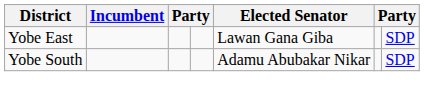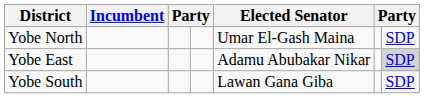 <table class="sortable wikitable" style="font-size:95%;line-height:14px;">
 <tr>
 <th class="unsortable">District</th>
 <th class="unsortable"><a href='#'>Incumbent</a></th>
 <th colspan="2">Party</th>
 <th class="unsortable">Elected Senator</th>
 <th colspan="2">Party</th>
 </tr>
 <tr>
+<td>Yobe North</td>
+<td></td>
+<td></td>
+<td></td>
+<td>Umar El-Gash Maina</td>
+<td style="background:"></td>
+<td><a href='#'>SDP</a></td>
+</tr>
+<tr>
 <td>Yobe East</td>
+<td></td>
+<td></td>
+<td></td>
+<td>Adamu Abubakar Nikar</td>
+<td style="background:"></td>
+<td style="background: lightgrey;"><a href='#'>SDP</a></td>
+</tr>
+<tr>
+<td>Yobe South</td>
 <td></td>
 <td></td>
 <td></td>
 <td>Lawan Gana Giba</td>
 <td style="background:"></td>
 <td><a href='#'>SDP</a></td>
 </tr>
-<tr>
-<td>Yobe South</td>
-<td></td>
-<td></td>
-<td></td>
-<td>Adamu Abubakar Nikar</td>
-<td style="background:"></td>
-<td><a href='#'>SDP</a></td>
-</tr>
 </table>
